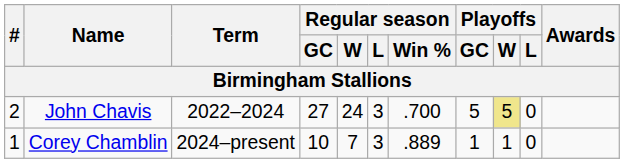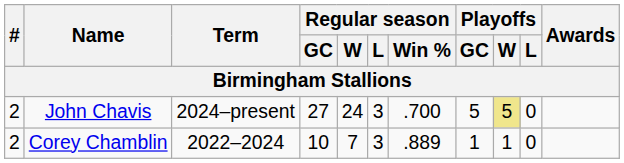 <table class="wikitable" style="text-align:center">
 <tr>
 <th rowspan="2">#</th>
 <th rowspan="2">Name</th>
 <th rowspan="2">Term</th>
 <th colspan="4">Regular season</th>
 <th colspan="3">Playoffs</th>
 <th rowspan="2">Awards</th>
 </tr>
 <tr>
 <th>GC</th>
 <th>W</th>
 <th>L</th>
 <th>Win %</th>
 <th>GC</th>
 <th>W</th>
 <th>L</th>
 </tr>
 <tr>
 <th colspan="11">Birmingham Stallions</th>
 </tr>
 <tr>
 <td>2</td>
 <td><a href='#'>John Chavis</a></td>
-<td>2022–2024</td>
+<td>2024–present</td>
 <td>27</td>
 <td>24</td>
 <td>3</td>
 <td>.700</td>
 <td>5</td>
 <td style="background: khaki;">5</td>
 <td>0</td>
 <td></td>
 </tr>
 <tr>
-<td>1</td>
+<td>2</td>
 <td><a href='#'>Corey Chamblin</a></td>
-<td>2024–present</td>
+<td>2022–2024</td>
 <td>10</td>
 <td>7</td>
 <td>3</td>
 <td>.889</td>
 <td>1</td>
 <td>1</td>
 <td>0</td>
 <td></td>
 </tr>
 </table>
